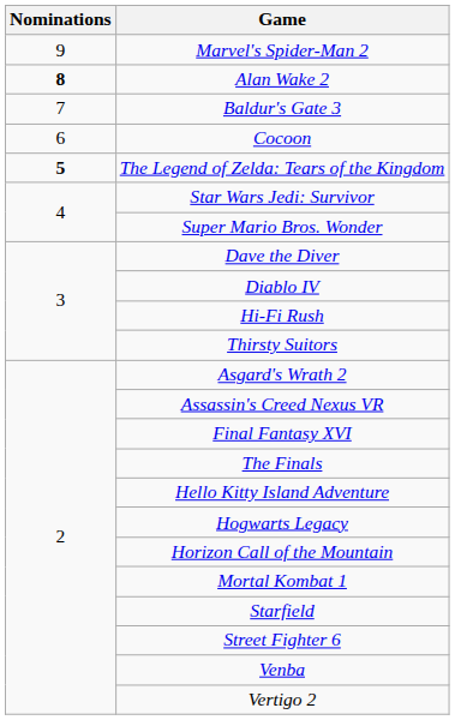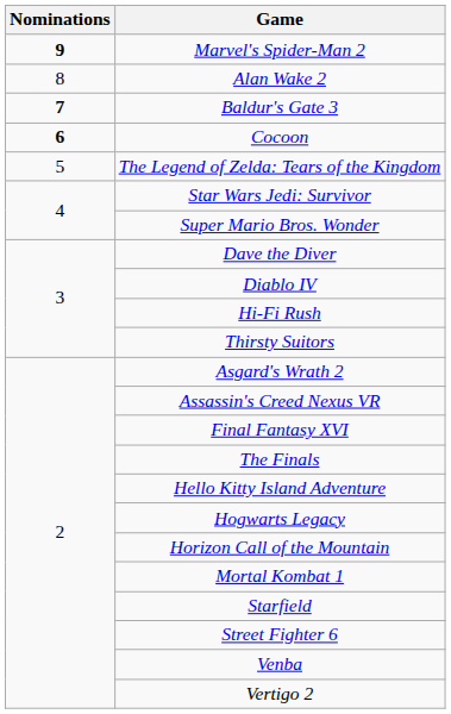 <table class="wikitable floatleft" rowspan="2" style="text-align:center;" background: #f6e39c;>
 <tr>
 <th scope="col">Nominations</th>
 <th scope="col">Game</th>
 </tr>
 <tr>
-<td>9</td>
+<td><strong>9</strong></td>
 <td><em><a href='#'>Marvel's Spider-Man 2</a></em></td>
 </tr>
 <tr>
-<td><strong>8</strong></td>
+<td>8</td>
 <td><em><a href='#'>Alan Wake 2</a></em></td>
 </tr>
 <tr>
-<td>7</td>
+<td><strong>7</strong></td>
 <td><em><a href='#'>Baldur's Gate 3</a></em></td>
 </tr>
 <tr>
-<td>6</td>
+<td><strong>6</strong></td>
 <td><em><a href='#'>Cocoon</a></em></td>
 </tr>
 <tr>
-<td><strong>5</strong></td>
+<td>5</td>
 <td><em><a href='#'>The Legend of Zelda: Tears of the Kingdom</a></em></td>
 </tr>
 <tr>
 <td rowspan="2">4</td>
 <td><em><a href='#'>Star Wars Jedi: Survivor</a></em></td>
 </tr>
 <tr>
 <td><em><a href='#'>Super Mario Bros. Wonder</a></em></td>
 </tr>
 <tr>
 <td rowspan="4">3</td>
 <td><em><a href='#'>Dave the Diver</a></em></td>
 </tr>
 <tr>
 <td><em><a href='#'>Diablo IV</a></em></td>
 </tr>
 <tr>
 <td><em><a href='#'>Hi-Fi Rush</a></em></td>
 </tr>
 <tr>
 <td><em><a href='#'>Thirsty Suitors</a></em></td>
 </tr>
 <tr>
 <td rowspan="12">2</td>
 <td><em><a href='#'>Asgard's Wrath 2</a></em></td>
 </tr>
 <tr>
 <td><em><a href='#'>Assassin's Creed Nexus VR</a></em></td>
 </tr>
 <tr>
 <td><em><a href='#'>Final Fantasy XVI</a></em></td>
 </tr>
 <tr>
 <td><em><a href='#'>The Finals</a></em></td>
 </tr>
 <tr>
 <td><em><a href='#'>Hello Kitty Island Adventure</a></em></td>
 </tr>
 <tr>
 <td><em><a href='#'>Hogwarts Legacy</a></em></td>
 </tr>
 <tr>
 <td><em><a href='#'>Horizon Call of the Mountain</a></em></td>
 </tr>
 <tr>
 <td><em><a href='#'>Mortal Kombat 1</a></em></td>
 </tr>
 <tr>
 <td><em><a href='#'>Starfield</a></em></td>
 </tr>
 <tr>
 <td><em><a href='#'>Street Fighter 6</a></em></td>
 </tr>
 <tr>
 <td><em><a href='#'>Venba</a></em></td>
 </tr>
 <tr>
 <td><em>Vertigo 2</em></td>
 </tr>
 </table>
